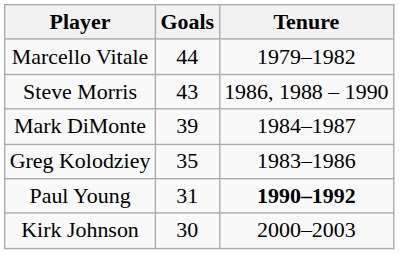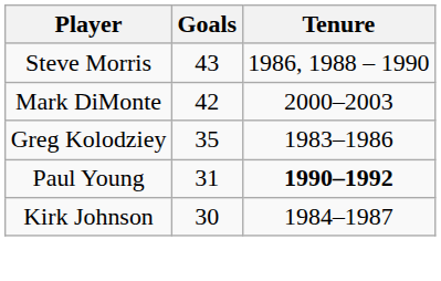 <table class="wikitable sortable" style="text-align: center;">
 <tr>
 <th width=px>Player</th>
 <th width=px>Goals</th>
 <th width=px>Tenure</th>
-</tr>
-<tr>
-<td>Marcello Vitale</td>
-<td>44</td>
-<td>1979–1982</td>
 </tr>
 <tr>
 <td>Steve Morris</td>
 <td>43</td>
 <td>1986, 1988 – 1990</td>
 </tr>
 <tr>
 <td>Mark DiMonte</td>
-<td>39</td>
-<td>1984–1987</td>
+<td>42</td>
+<td>2000–2003</td>
 </tr>
 <tr>
 <td>Greg Kolodziey</td>
 <td>35</td>
 <td>1983–1986</td>
 </tr>
 <tr>
 <td>Paul Young</td>
 <td>31</td>
 <td><strong>1990–1992</strong></td>
 </tr>
 <tr>
 <td>Kirk Johnson</td>
 <td>30</td>
-<td>2000–2003</td>
+<td>1984–1987</td>
 </tr>
 </table>
